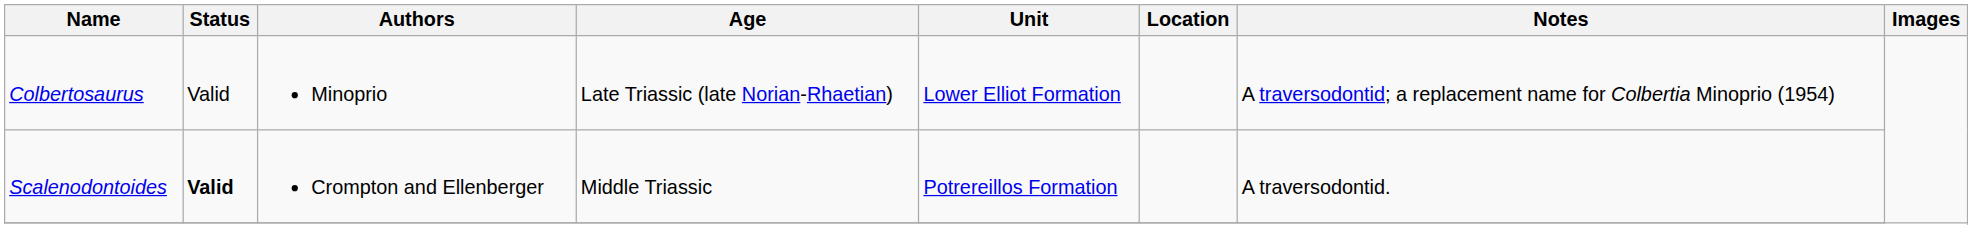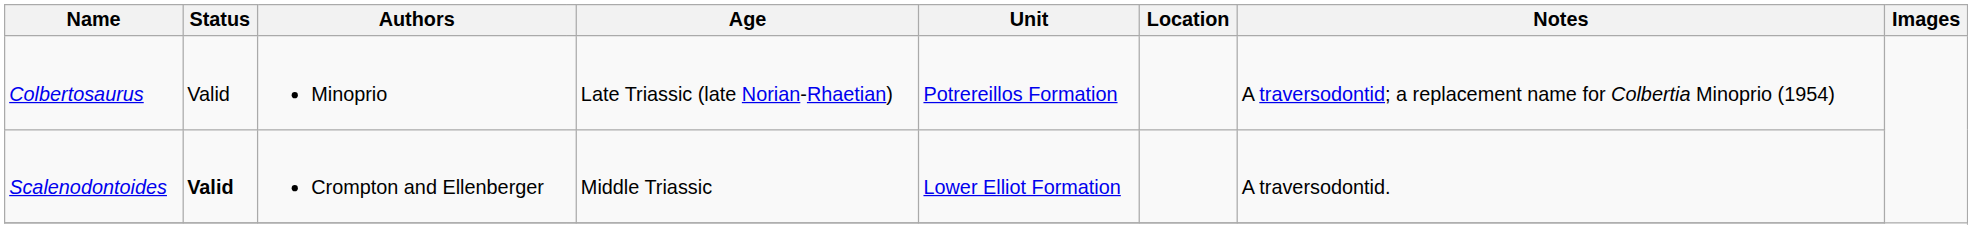 <table class="wikitable sortable" align="center" width="100%">
 <tr>
 <th>Name</th>
 <th>Status</th>
 <th colspan="2">Authors</th>
 <th>Age</th>
 <th>Unit</th>
 <th>Location</th>
 <th width="33%" class="unsortable">Notes</th>
 <th class="unsortable">Images</th>
 </tr>
 <tr>
 <td><br><em><a href='#'>Colbertosaurus</a></em></td>
 <td><br>Valid</td>
 <td style="border-right:0px" valign="top"><br><ul><li>Minoprio</li></ul></td>
 <td style="border-left:0px" valign="top"></td>
 <td><br>Late Triassic (late <a href='#'>Norian</a>-<a href='#'>Rhaetian</a>)</td>
-<td><br><a href='#'>Lower Elliot Formation</a></td>
+<td><br><a href='#'>Potrereillos Formation</a></td>
 <td><br></td>
 <td><br>A <a href='#'>traversodontid</a>; a replacement name for <em>Colbertia</em> Minoprio (1954)</td>
 </tr>
 <tr>
 <td><br><em><a href='#'>Scalenodontoides</a></em></td>
 <td><strong><br>Valid</strong></td>
 <td style="border-right:0px" valign="top"><br><ul><li>Crompton and Ellenberger</li></ul></td>
 <td style="border-left:0px" valign="top"></td>
 <td><br>Middle Triassic</td>
-<td><br><a href='#'>Potrereillos Formation</a></td>
+<td><br><a href='#'>Lower Elliot Formation</a></td>
 <td><br> <br> </td>
 <td><br>A traversodontid.</td>
 </tr>
 <tr>
 </tr>
 </table>
